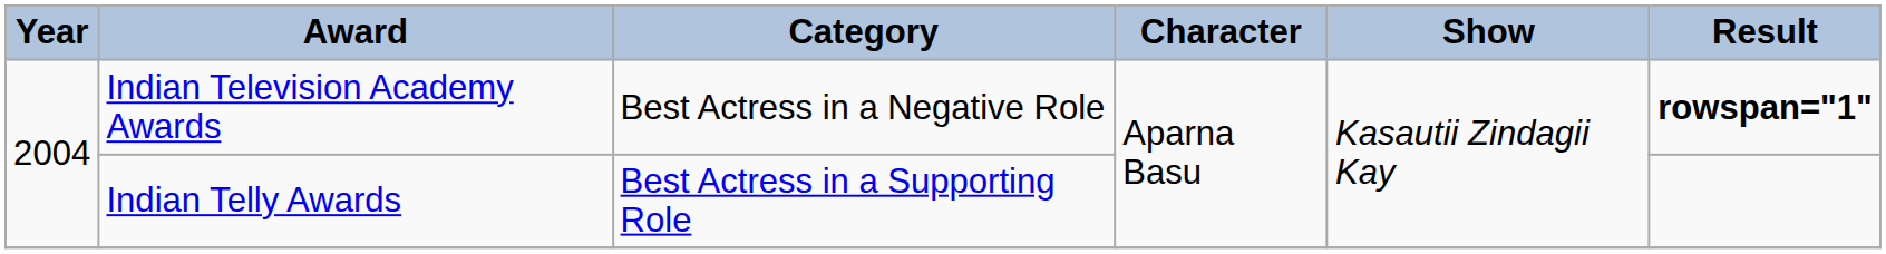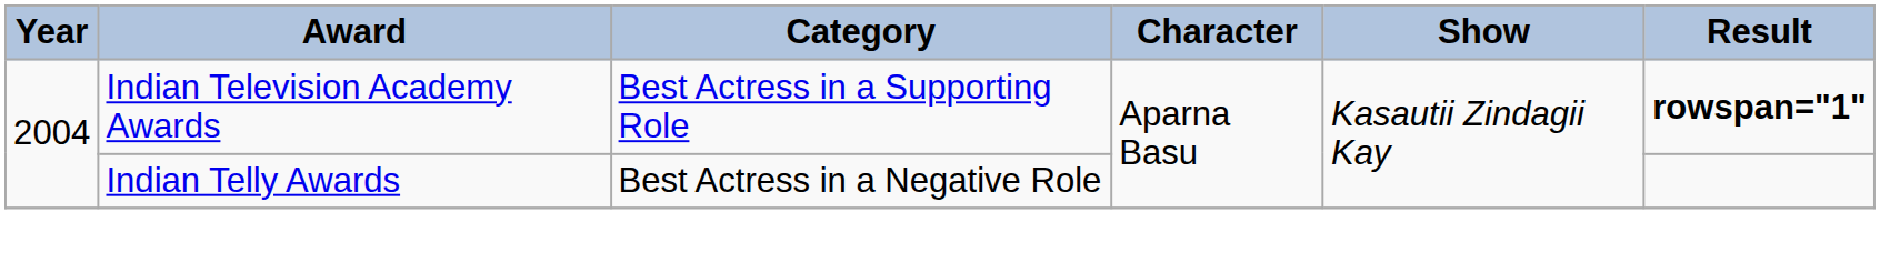 <table class="wikitable sortable plainrowheaders">
 <tr>
 <th style="background:#B0C4DE;" scope="col">Year</th>
 <th style="background:#B0C4DE;" scope="col">Award</th>
 <th style="background:#B0C4DE;" scope="col">Category</th>
 <th style="background:#B0C4DE;" scope="col">Character</th>
 <th style="background:#B0C4DE;" scope="col" class="unsortable">Show</th>
 <th style="background:#B0C4DE;" scope="col" class="unsortable">Result</th>
 </tr>
 <tr>
 <td rowspan="2">2004</td>
 <td><a href='#'>Indian Television Academy Awards</a></td>
-<td>Best Actress in a Negative Role</td>
+<td><a href='#'>Best Actress in a Supporting Role</a></td>
 <td rowspan="2">Aparna Basu</td>
 <td rowspan="2"><em>Kasautii Zindagii Kay</em></td>
 <td><strong>rowspan="1" </strong></td>
 </tr>
 <tr>
 <td><a href='#'>Indian Telly Awards</a></td>
-<td><a href='#'>Best Actress in a Supporting Role</a></td>
+<td>Best Actress in a Negative Role</td>
 <td></td>
 </tr>
 <tr>
 </tr>
 </table>
